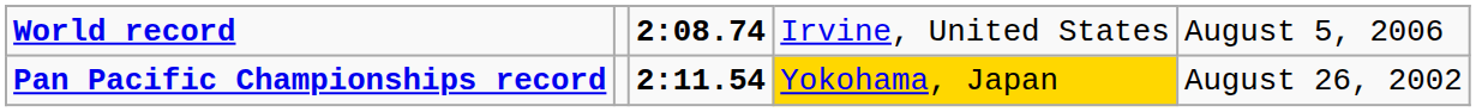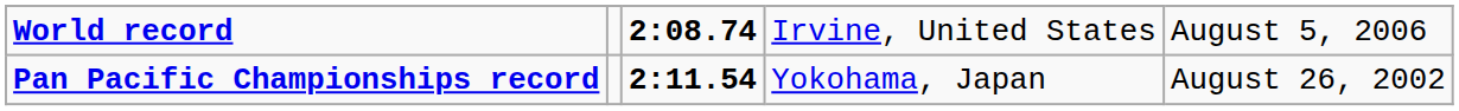 <table class="wikitable">
 <tr>
 <td><strong><a href='#'>World record</a></strong></td>
 <td></td>
 <td><strong>2:08.74</strong></td>
 <td><a href='#'>Irvine</a>, United States</td>
 <td>August 5, 2006</td>
 </tr>
 <tr>
 <td><strong><a href='#'>Pan Pacific Championships record</a></strong></td>
 <td></td>
 <td><strong>2:11.54</strong></td>
-<td style="background: gold;"><a href='#'>Yokohama</a>, Japan</td>
+<td><a href='#'>Yokohama</a>, Japan</td>
 <td>August 26, 2002</td>
 </tr>
 </table>
